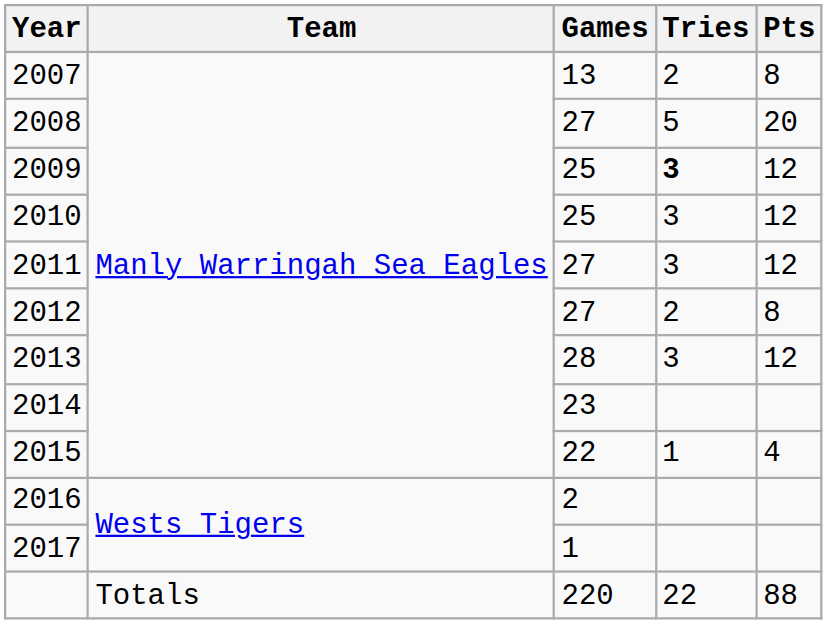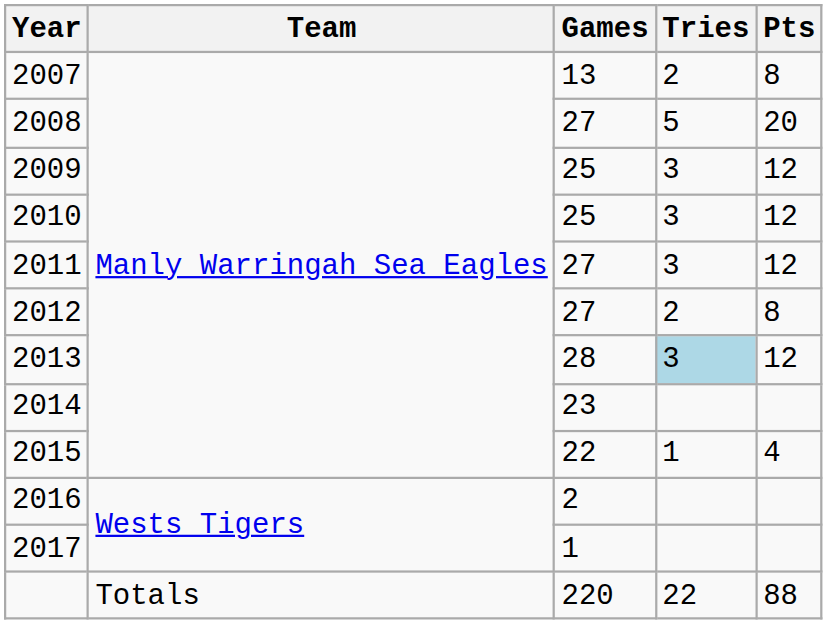 <table class="wikitable">
 <tr>
 <th>Year</th>
 <th>Team</th>
 <th>Games</th>
 <th>Tries</th>
 <th>Pts</th>
 </tr>
 <tr>
 <td>2007</td>
 <td rowspan="9"> <a href='#'>Manly Warringah Sea Eagles</a></td>
 <td>13</td>
 <td>2</td>
 <td>8</td>
 </tr>
 <tr>
 <td>2008</td>
 <td>27</td>
 <td>5</td>
 <td>20</td>
 </tr>
 <tr>
 <td>2009</td>
 <td>25</td>
-<td><strong>3</strong></td>
+<td>3</td>
 <td>12</td>
 </tr>
 <tr>
 <td>2010</td>
 <td>25</td>
 <td>3</td>
 <td>12</td>
 </tr>
 <tr>
 <td>2011</td>
 <td>27</td>
 <td>3</td>
 <td>12</td>
 </tr>
 <tr>
 <td>2012</td>
 <td>27</td>
 <td>2</td>
 <td>8</td>
 </tr>
 <tr>
 <td>2013</td>
 <td>28</td>
-<td>3</td>
+<td style="background: lightblue;">3</td>
 <td>12</td>
 </tr>
 <tr>
 <td>2014</td>
 <td>23</td>
 <td></td>
 <td></td>
 </tr>
 <tr>
 <td>2015</td>
 <td>22</td>
 <td>1</td>
 <td>4</td>
 </tr>
 <tr>
 <td>2016</td>
 <td rowspan="2"> <a href='#'>Wests Tigers</a></td>
 <td>2</td>
 <td></td>
 <td></td>
 </tr>
 <tr>
 <td>2017</td>
 <td>1</td>
 <td></td>
 <td></td>
 </tr>
 <tr>
 <td></td>
 <td>Totals</td>
 <td>220</td>
 <td>22</td>
 <td>88</td>
 </tr>
 </table>
